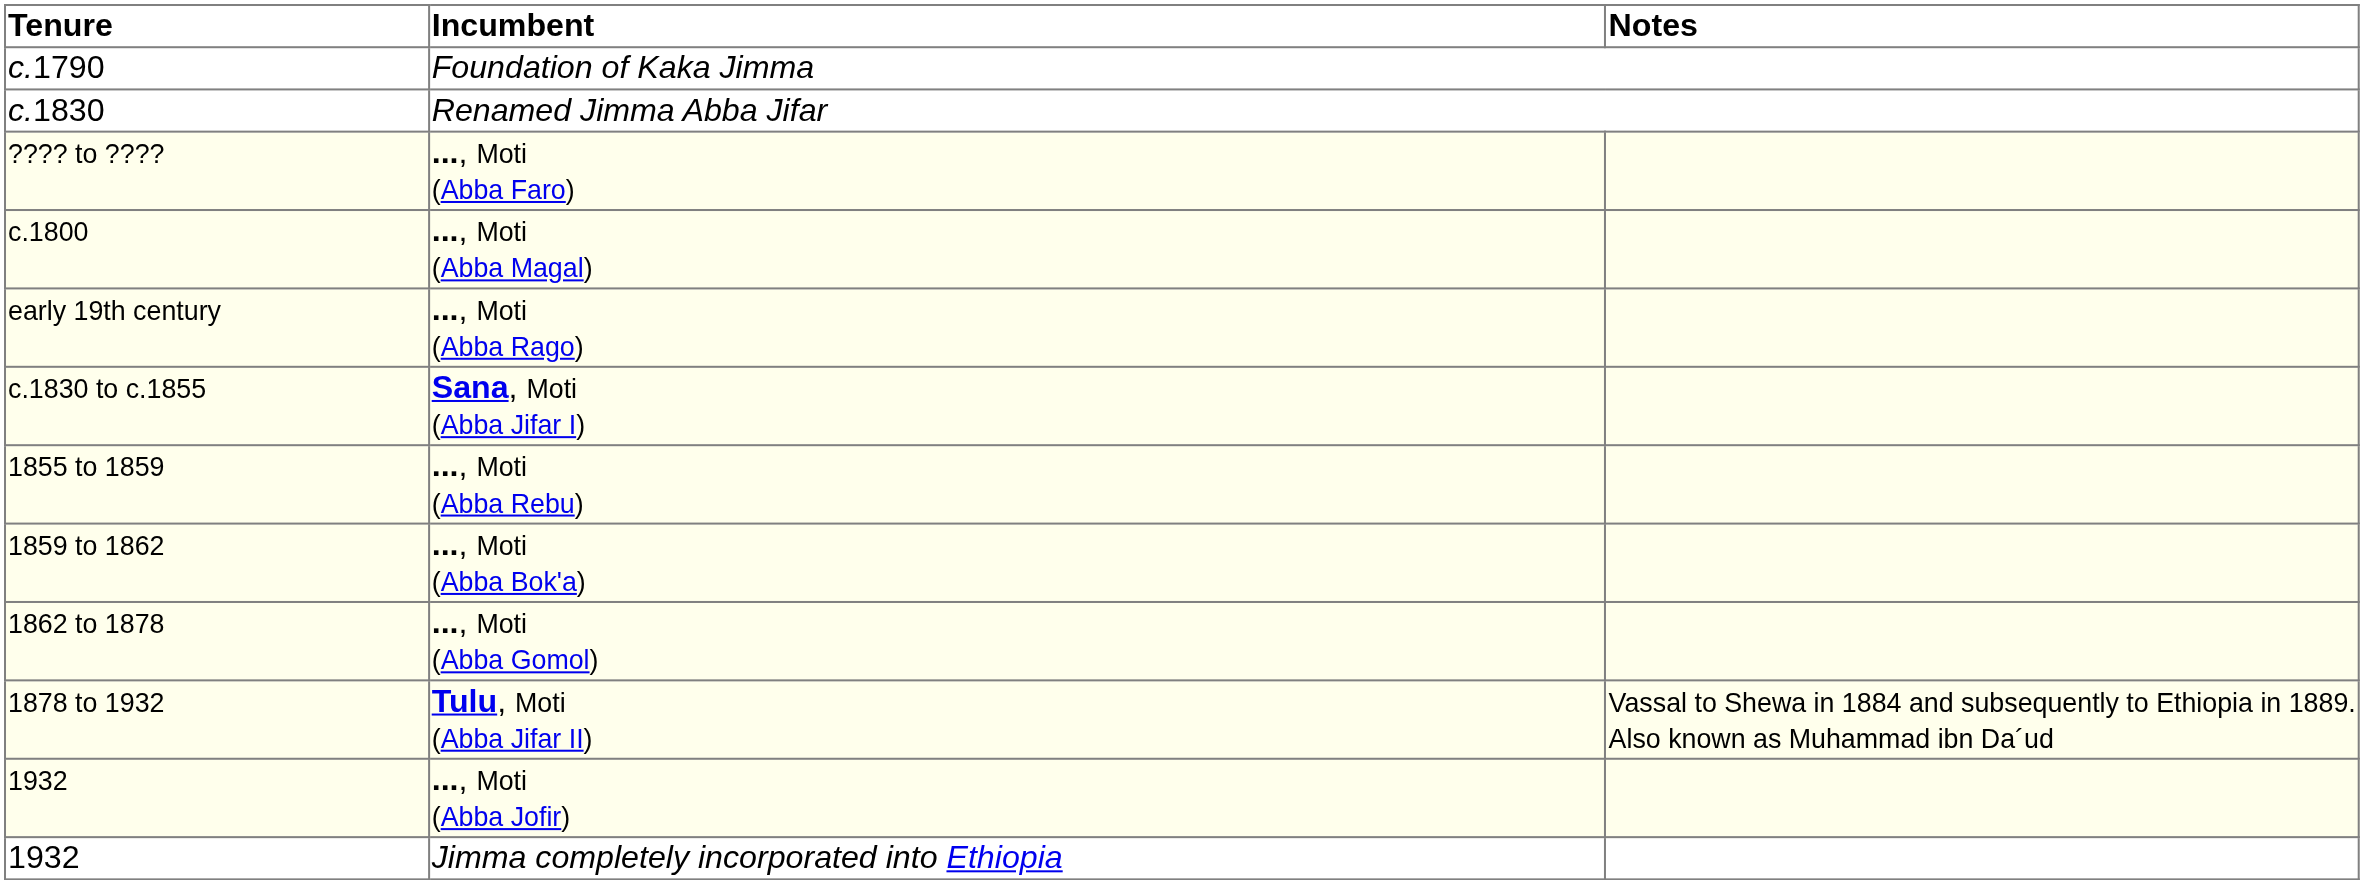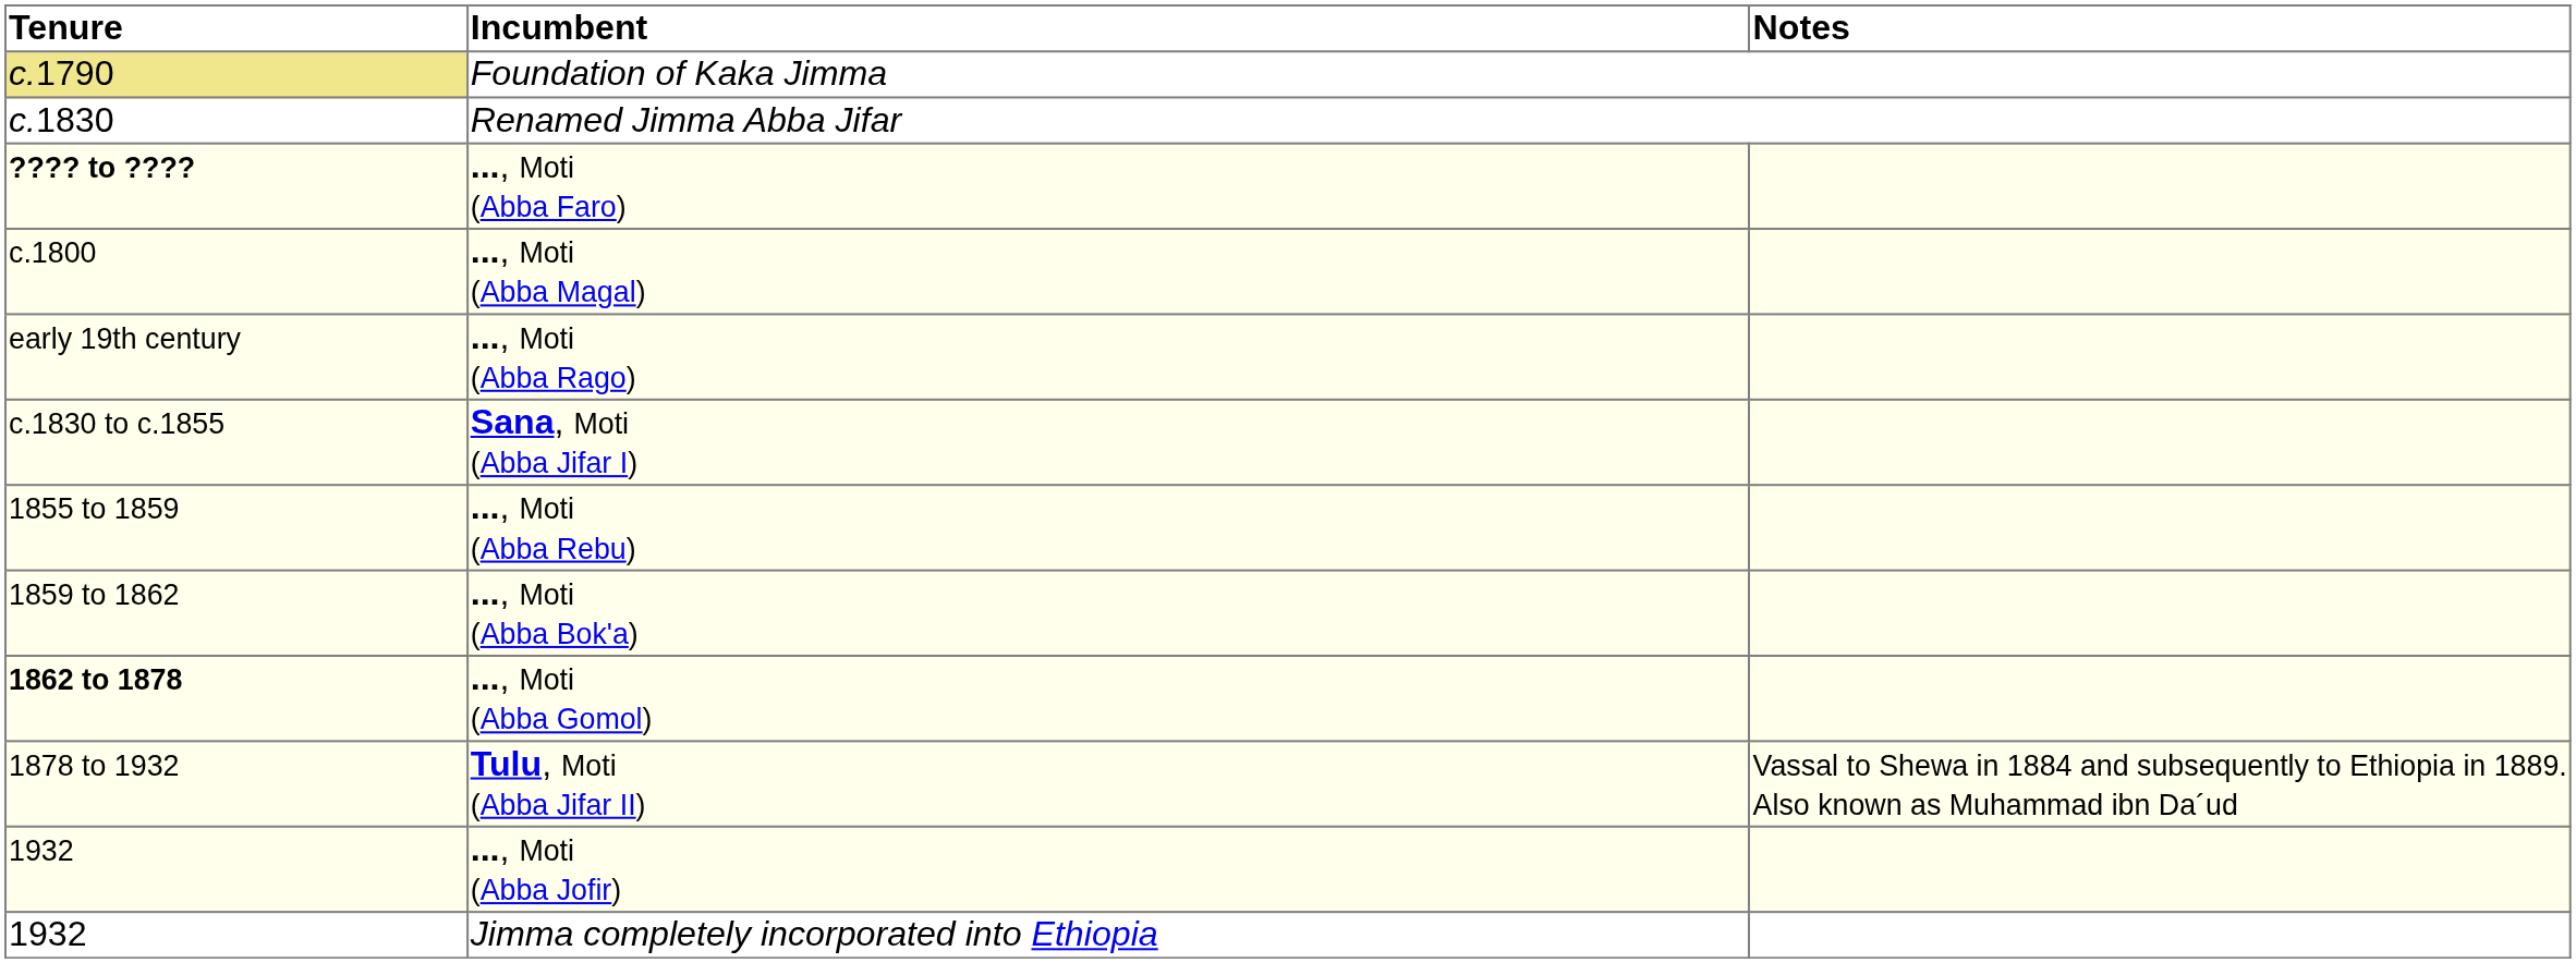 <table border=1 style="border-collapse: collapse">
 <tr align=left>
 <th width="18%">Tenure</th>
 <th width="50%">Incumbent</th>
 <th width="32%">Notes</th>
 </tr>
 <tr valign=top>
-<td><em>c.</em>1790</td>
+<td style="background: khaki;"><em>c.</em>1790</td>
 <td colspan="3"><em>Foundation of Kaka Jimma</em></td>
 </tr>
 <tr valign=top>
 <td><em>c.</em>1830</td>
 <td colspan="3"><em>Renamed Jimma Abba Jifar</em></td>
 </tr>
 <tr valign=top bgcolor="#ffffec">
-<td><small>???? to ????</small></td>
+<td><strong><small>???? to ????</small></strong></td>
 <td><strong>...</strong>, <small>Moti<br>(<a href='#'>Abba Faro</a>)</small></td>
 <td> </td>
 </tr>
 <tr valign=top bgcolor="#ffffec">
 <td><small>c.1800</small></td>
 <td><strong>...</strong>, <small>Moti<br>(<a href='#'>Abba Magal</a>)</small></td>
 <td> </td>
 </tr>
 <tr valign=top bgcolor="#ffffec">
 <td><small>early 19th century</small></td>
 <td><strong>...</strong>, <small>Moti<br>(<a href='#'>Abba Rago</a>)</small></td>
 <td> </td>
 </tr>
 <tr valign=top bgcolor="#ffffec">
 <td><small>c.1830 to c.1855</small></td>
 <td><strong><a href='#'>Sana</a></strong>, <small>Moti<br>(<a href='#'>Abba Jifar I</a>)</small></td>
 <td> </td>
 </tr>
 <tr valign=top bgcolor="#ffffec">
 <td><small>1855 to 1859</small></td>
 <td><strong>...</strong>, <small>Moti<br>(<a href='#'>Abba Rebu</a>)</small></td>
 <td> </td>
 </tr>
 <tr valign=top bgcolor="#ffffec">
 <td><small>1859 to 1862</small></td>
 <td><strong>...</strong>, <small>Moti<br>(<a href='#'>Abba Bok'a</a>)</small></td>
 <td> </td>
 </tr>
 <tr valign=top bgcolor="#ffffec">
-<td><small>1862 to 1878</small></td>
+<td><strong><small>1862 to 1878</small></strong></td>
 <td><strong>...</strong>, <small>Moti<br>(<a href='#'>Abba Gomol</a>)</small></td>
 <td> </td>
 </tr>
 <tr valign=top bgcolor="#ffffec">
 <td><small>1878 to 1932</small></td>
 <td><strong><a href='#'>Tulu</a></strong>, <small>Moti<br>(<a href='#'>Abba Jifar II</a>)</small></td>
 <td><small>Vassal to Shewa in 1884 and subsequently to Ethiopia in 1889.<br>Also known as Muhammad ibn Da´ud</small></td>
 </tr>
 <tr valign=top bgcolor="#ffffec">
 <td><small>1932</small></td>
 <td><strong>...</strong>, <small>Moti<br>(<a href='#'>Abba Jofir</a>)</small></td>
 <td></td>
 </tr>
 <tr valign=top>
 <td>1932</td>
 <td><em>Jimma completely incorporated into <a href='#'>Ethiopia</a></em></td>
 </tr>
 </table>
